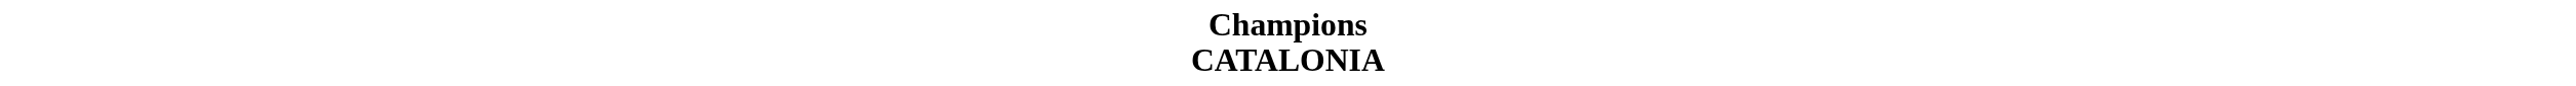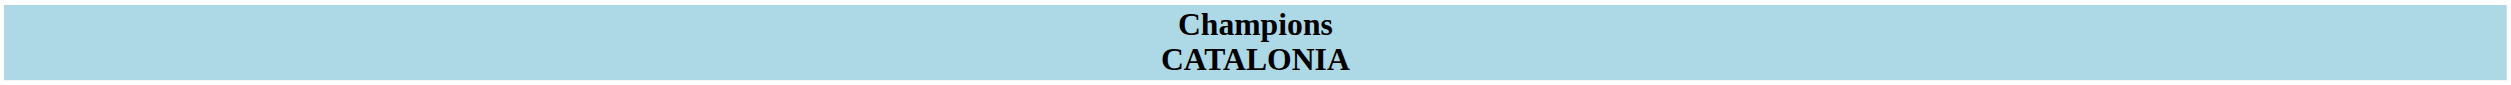 <table cellspacing=0 width=100%>
 <tr>
 <td align=center></td>
 </tr>
 <tr>
-<td align=center><strong>Champions<br>CATALONIA</strong></td>
+<td align=center style="background: lightblue;"><strong>Champions<br>CATALONIA</strong></td>
 </tr>
 </table>
